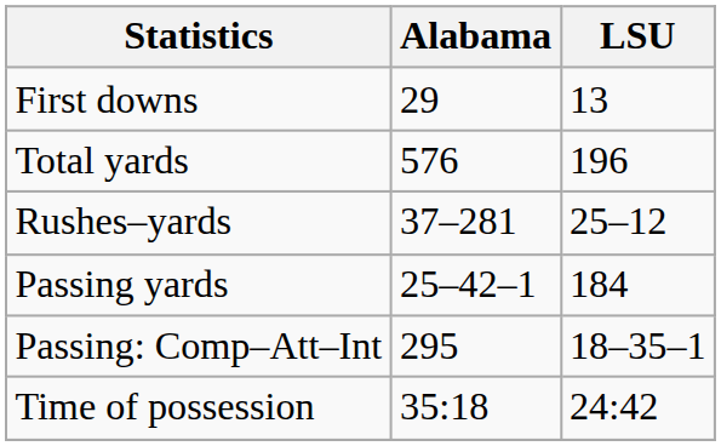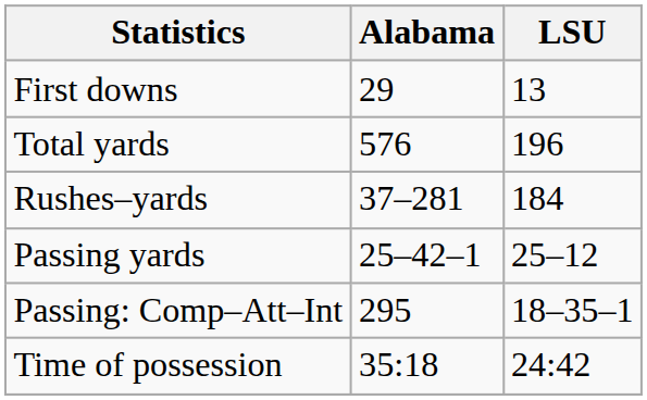 <table class="wikitable" style="float: left;">
 <tr>
 <th>Statistics</th>
 <th>Alabama</th>
 <th>LSU</th>
 </tr>
 <tr>
 <td>First downs</td>
 <td>29</td>
 <td>13</td>
 </tr>
 <tr>
 <td>Total yards</td>
 <td>576</td>
 <td>196</td>
 </tr>
 <tr>
 <td>Rushes–yards</td>
 <td>37–281</td>
-<td>25–12</td>
+<td>184</td>
 </tr>
 <tr>
 <td>Passing yards</td>
 <td>25–42–1</td>
-<td>184</td>
+<td>25–12</td>
 </tr>
 <tr>
 <td>Passing: Comp–Att–Int</td>
 <td>295</td>
 <td>18–35–1</td>
 </tr>
 <tr>
 <td>Time of possession</td>
 <td>35:18</td>
 <td>24:42</td>
 </tr>
 <tr>
 </tr>
 </table>
